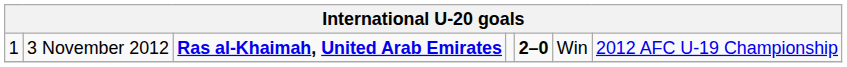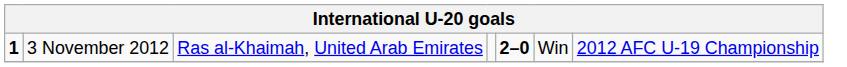 <table class="wikitable collapsible collapsed" style="font-size:90%">
 <tr>
 <th colspan=8>International U-20 goals</th>
 </tr>
 <tr>
-<td>1</td>
+<td><strong>1</strong></td>
 <td>3 November 2012</td>
-<td><strong><a href='#'>Ras al-Khaimah</a>, <a href='#'>United Arab Emirates</a></strong></td>
+<td><a href='#'>Ras al-Khaimah</a>, <a href='#'>United Arab Emirates</a></td>
 <td></td>
 <td><strong>2–0</strong></td>
 <td>Win</td>
 <td><a href='#'>2012 AFC U-19 Championship</a></td>
 </tr>
 <tr>
 </tr>
 </table>
